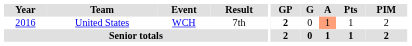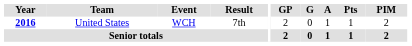 <table border="0" cellpadding="1" cellspacing="0" ID="Table3" style="text-align:center; width:40em">
 <tr ALIGN="center" bgcolor="#e0e0e0">
 <th>Year</th>
 <th>Team</th>
 <th>Event</th>
 <th>Result</th>
 <th rowspan="99" bgcolor="#ffffff"></th>
 <th>GP</th>
 <th>G</th>
 <th>A</th>
 <th>Pts</th>
 <th>PIM</th>
 </tr>
 <tr>
-<td><a href='#'>2016</a></td>
+<td><strong><a href='#'>2016</a></strong></td>
 <td><a href='#'>United States</a></td>
 <td><a href='#'>WCH</a></td>
 <td>7th</td>
-<td><strong>2</strong></td>
+<td>2</td>
 <td>0</td>
-<td style="background: lightsalmon;">1</td>
+<td>1</td>
 <td>1</td>
 <td>2</td>
 </tr>
 <tr bgcolor="#e0e0e0">
 <th colspan="4">Senior totals</th>
 <th>2</th>
 <th>0</th>
 <th>1</th>
 <th>1</th>
 <th>2</th>
 </tr>
 </table>
